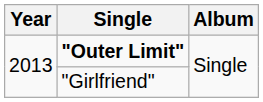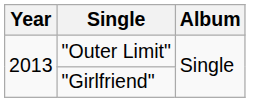 <table class="wikitable">
 <tr>
 <th>Year</th>
 <th>Single</th>
 <th>Album</th>
 </tr>
 <tr>
 <td rowspan="2">2013</td>
-<td><strong>"Outer Limit"</strong></td>
+<td>"Outer Limit"</td>
 <td rowspan="2">Single</td>
 </tr>
 <tr>
 <td>"Girlfriend"</td>
 </tr>
 </table>
